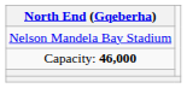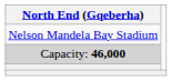 <table class="wikitable" style="text-align:center; margin:1em auto;">
 <tr>
 <th><a href='#'>North End</a> (<a href='#'>Gqeberha</a>)</th>
 <td rowspan=4></td>
 </tr>
 <tr>
 <td><a href='#'>Nelson Mandela Bay Stadium</a></td>
 </tr>
 <tr>
-<td>Capacity: <strong>46,000</strong></td>
+<td style="background: lightgrey;">Capacity: <strong>46,000</strong></td>
 </tr>
 <tr>
 <th></th>
 </tr>
 <tr>
 <th colspan=2></th>
 </tr>
 </table>
